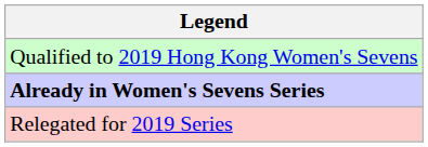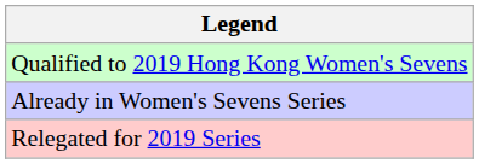 <table class="wikitable">
 <tr>
 <th>Legend</th>
 </tr>
 <tr bgcolor=ccffcc>
 <td>Qualified to <a href='#'>2019 Hong Kong Women's Sevens</a></td>
 </tr>
 <tr bgcolor=ccccff>
-<td><strong>Already in Women's Sevens Series</strong></td>
+<td>Already in Women's Sevens Series</td>
 </tr>
 <tr bgcolor=ffcccc>
 <td>Relegated for <a href='#'>2019 Series</a></td>
 </tr>
 </table>
